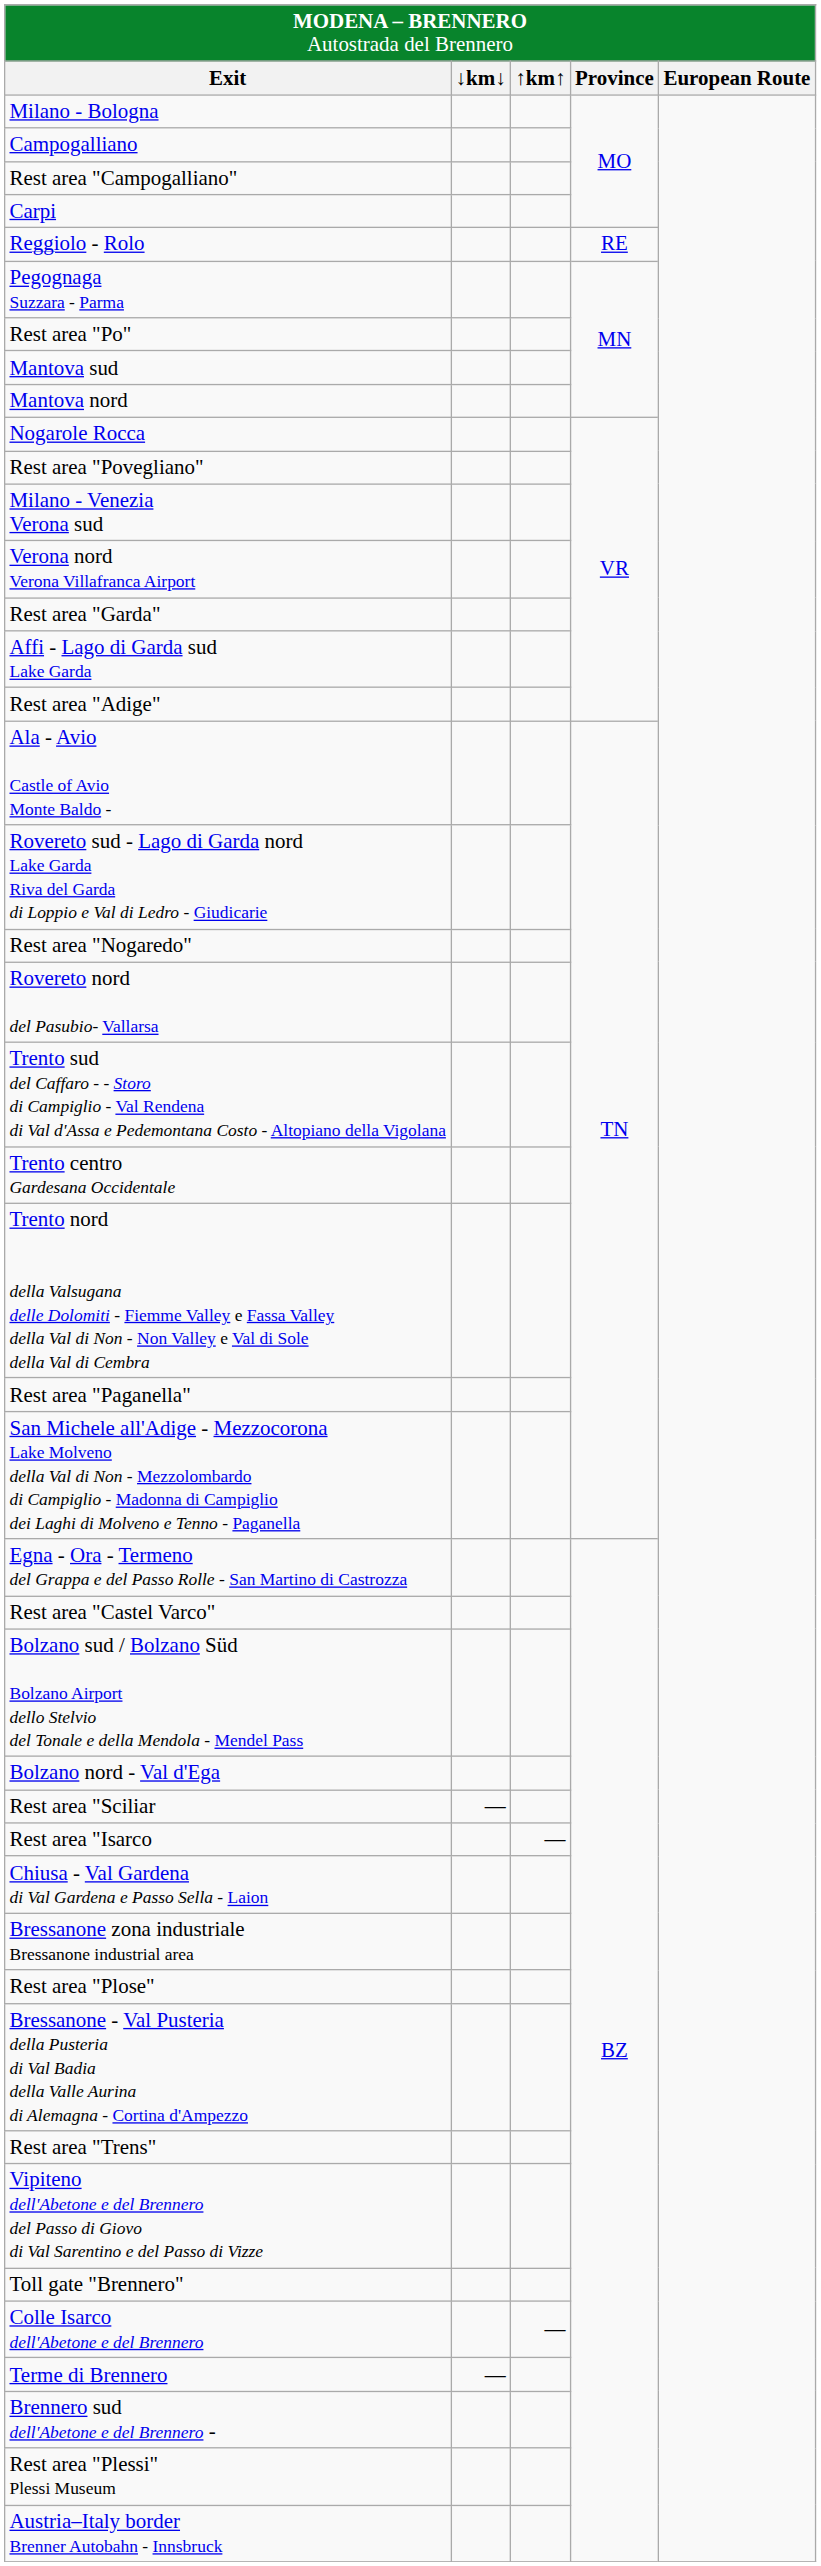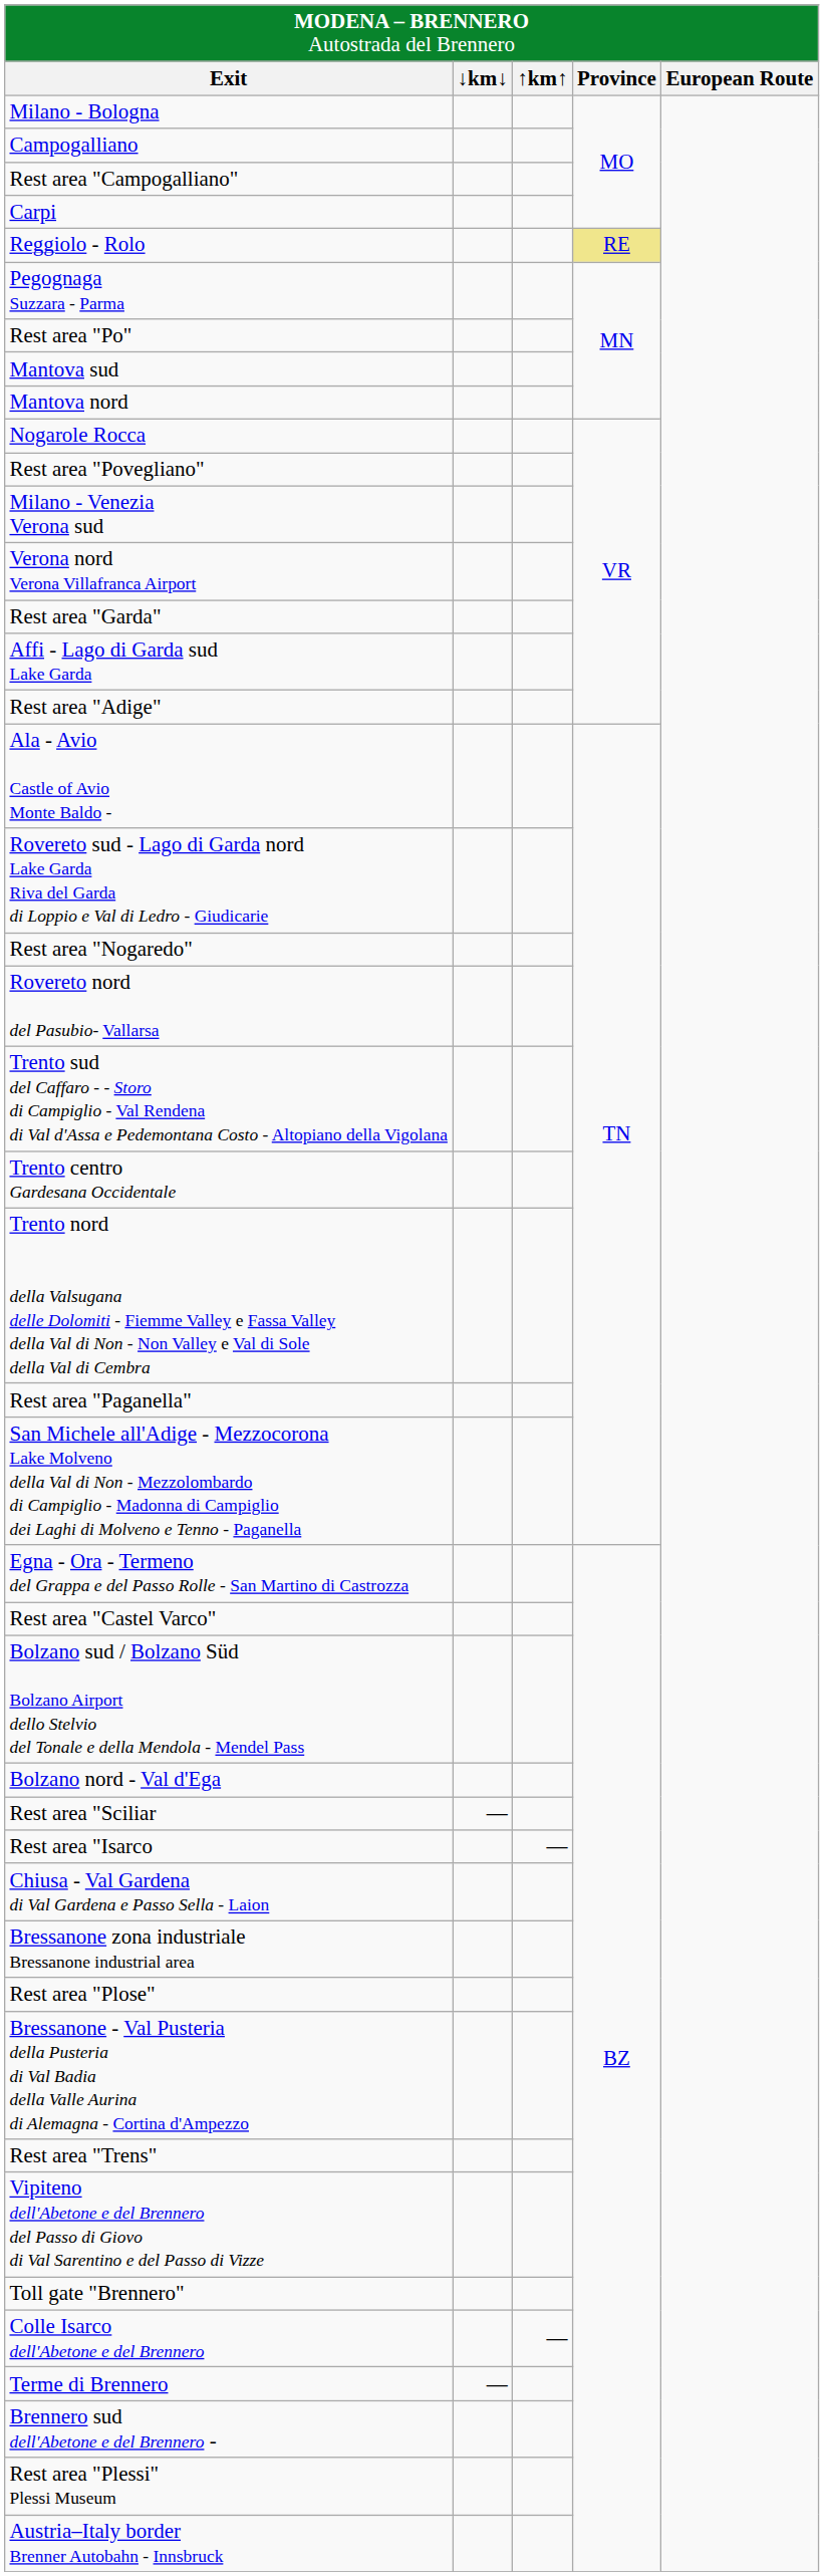 <table class="wikitable" border="1">
 <tr>
 </tr>
 <tr align="center" bgcolor="08842C" style="color: white;font-size:100%;">
 <td colspan="6"><strong> MODENA – BRENNERO</strong><br>Autostrada del Brennero</td>
 </tr>
 <tr>
 <th style="text-align:center;"><strong>Exit</strong></th>
 <th style="text-align:center;"><strong>↓km↓</strong></th>
 <th style="text-align:center;"><strong>↑km↑</strong></th>
 <th align="center"><strong>Province</strong></th>
 <th align="center"><strong>European Route</strong></th>
 </tr>
 <tr>
 <td>    <a href='#'>Milano - Bologna</a></td>
 <td align="right"></td>
 <td align="right"></td>
 <td rowspan=4 align="center"><a href='#'>MO</a></td>
 <td rowspan="45" align="center"></td>
 </tr>
 <tr>
 <td> <a href='#'>Campogalliano</a></td>
 <td align="right"></td>
 <td align="right"></td>
 </tr>
 <tr>
 <td> Rest area "Campogalliano"</td>
 <td align="right"></td>
 <td align="right"></td>
 </tr>
 <tr>
 <td> <a href='#'>Carpi</a></td>
 <td align="right"></td>
 <td align="right"></td>
 </tr>
 <tr>
 <td> <a href='#'>Reggiolo</a> - <a href='#'>Rolo</a></td>
 <td align="right"></td>
 <td align="right"></td>
-<td align="center"><a href='#'>RE</a></td>
+<td align="center" style="background: khaki;"><a href='#'>RE</a></td>
 </tr>
 <tr>
 <td> <a href='#'>Pegognaga</a><br><small>  <a href='#'>Suzzara</a> - <a href='#'>Parma</a></small></td>
 <td align="right"></td>
 <td align="right"></td>
 <td rowspan=4 align="center"><a href='#'>MN</a></td>
 </tr>
 <tr>
 <td> Rest area "Po"</td>
 <td align="right"></td>
 <td align="right"></td>
 </tr>
 <tr>
 <td> <a href='#'>Mantova</a> sud</td>
 <td align="right"></td>
 <td align="right"></td>
 </tr>
 <tr>
 <td> <a href='#'>Mantova</a> nord</td>
 <td align="right"></td>
 <td align="right"></td>
 </tr>
 <tr>
 <td> <a href='#'>Nogarole Rocca</a></td>
 <td align="right"></td>
 <td align="right"></td>
 <td rowspan=7 align="center"><a href='#'>VR</a></td>
 </tr>
 <tr>
 <td> Rest area "Povegliano"</td>
 <td align="right"></td>
 <td align="right"></td>
 </tr>
 <tr>
 <td>   <a href='#'>Milano - Venezia</a> <br>  <a href='#'>Verona</a> sud</td>
 <td align="right"></td>
 <td align="right"></td>
 </tr>
 <tr>
 <td> <a href='#'>Verona</a> nord<br><small>  <a href='#'>Verona Villafranca Airport</a></small></td>
 <td align="right"></td>
 <td align="right"></td>
 </tr>
 <tr>
 <td> Rest area "Garda"</td>
 <td align="right"></td>
 <td align="right"></td>
 </tr>
 <tr>
 <td> <a href='#'>Affi</a> - <a href='#'>Lago di Garda</a> sud<br><small>  <a href='#'>Lake Garda</a></small></td>
 <td align="right"></td>
 <td align="right"></td>
 </tr>
 <tr>
 <td> Rest area "Adige"</td>
 <td align="right"></td>
 <td align="right"></td>
 </tr>
 <tr>
 <td> <a href='#'>Ala</a> - <a href='#'>Avio</a><br><br><small>  <a href='#'>Castle of Avio</a></small><br><small>  <a href='#'>Monte Baldo</a> - </small></td>
 <td align="right"></td>
 <td align="right"></td>
 <td rowspan=9 align="center"><a href='#'>TN</a></td>
 </tr>
 <tr>
 <td> <a href='#'>Rovereto</a> sud - <a href='#'>Lago di Garda</a> nord<br><small>  <a href='#'>Lake Garda</a></small><br><small> <a href='#'>Riva del Garda</a></small><br><small>  <em>di Loppio e Val di Ledro</em> - <a href='#'>Giudicarie</a></small></td>
 <td align="right"></td>
 <td align="right"></td>
 </tr>
 <tr>
 <td> Rest area "Nogaredo"</td>
 <td align="right"></td>
 <td align="right"></td>
 </tr>
 <tr>
 <td> <a href='#'>Rovereto</a> nord<br><small> </small><br><small> <em>del Pasubio</em></small><small>- <a href='#'>Vallarsa</a></small></td>
 <td align="right"></td>
 <td align="right"></td>
 </tr>
 <tr>
 <td> <a href='#'>Trento</a> sud<br><small> <em>del Caffaro</em> -  - <em><a href='#'>Storo</a></em></small><br><small> <em>di Campiglio</em> - <a href='#'>Val Rendena</a></small><br><small>  <em>di Val d'Assa e Pedemontana Costo</em> - <a href='#'>Altopiano della Vigolana</a></small></td>
 <td align="right"></td>
 <td align="right"></td>
 </tr>
 <tr>
 <td> <a href='#'>Trento</a> centro<br><small> <em>Gardesana Occidentale</em></small></td>
 <td align="right"></td>
 <td align="right"></td>
 </tr>
 <tr>
 <td> <a href='#'>Trento</a> nord<br><small>  </small><br><br><small>  <em>della Valsugana</em></small><br><small>  <em><a href='#'>delle Dolomiti</a></em> - <a href='#'>Fiemme Valley</a> e <a href='#'>Fassa Valley</a></small><br><small>  <em>della Val di Non</em> - <a href='#'>Non Valley</a> e <a href='#'>Val di Sole</a></small><br><small> <em>della Val di Cembra</em></small></td>
 <td align="right"></td>
 <td align="right"></td>
 </tr>
 <tr>
 <td> Rest area "Paganella"</td>
 <td align="right"></td>
 <td align="right"></td>
 </tr>
 <tr>
 <td> <a href='#'>San Michele all'Adige</a> - <a href='#'>Mezzocorona</a><br><small>  <a href='#'>Lake Molveno</a></small><br><small>  <em>della Val di Non</em> - <a href='#'>Mezzolombardo</a></small><br><small>  <em>di Campiglio</em> - <a href='#'>Madonna di Campiglio</a></small><br><small> <em>dei Laghi di Molveno e Tenno</em> - <a href='#'>Paganella</a></small></td>
 <td align="right"></td>
 <td align="right"></td>
 </tr>
 <tr>
 <td> <a href='#'>Egna</a> - <a href='#'>Ora</a> - <a href='#'>Termeno</a><br><small> <em>del Grappa e del Passo Rolle</em> - <a href='#'>San Martino di Castrozza</a></small><br><small></small></td>
 <td align="right"></td>
 <td align="right"></td>
 <td rowspan="18" align="center"><a href='#'>BZ</a></td>
 </tr>
 <tr>
 <td> Rest area "Castel Varco"</td>
 <td align="right"></td>
 <td align="right"></td>
 </tr>
 <tr>
 <td> <a href='#'>Bolzano</a> sud / <a href='#'>Bolzano</a> Süd<br><small>  </small><br><small>  <a href='#'>Bolzano Airport</a></small><br><small>  <em>dello Stelvio</em></small><br><small> <em>del Tonale e della Mendola</em> - <a href='#'>Mendel Pass</a></small></td>
 <td align="right"></td>
 <td align="right"></td>
 </tr>
 <tr>
 <td> <a href='#'>Bolzano</a> nord - <a href='#'>Val d'Ega</a></td>
 <td align="right"></td>
 <td align="right"></td>
 </tr>
 <tr>
 <td> Rest area "Sciliar</td>
 <td align="right">—</td>
 <td align="right"></td>
 </tr>
 <tr>
 <td> Rest area "Isarco</td>
 <td align="right"></td>
 <td align="right">—</td>
 </tr>
 <tr>
 <td> <a href='#'>Chiusa</a> - <a href='#'>Val Gardena</a><br><small>  <em>di Val Gardena e Passo Sella</em> - <a href='#'>Laion</a></small></td>
 <td align="right"></td>
 <td align="right"></td>
 </tr>
 <tr>
 <td> <a href='#'>Bressanone</a> zona industriale<br><small>  Bressanone industrial area</small></td>
 <td align="right"></td>
 <td align="right"></td>
 </tr>
 <tr>
 <td> Rest area "Plose"</td>
 <td align="right"></td>
 <td align="right"></td>
 </tr>
 <tr>
 <td> <a href='#'>Bressanone</a> - <a href='#'>Val Pusteria</a><br><small>   <em>della Pusteria</em></small><br><small> <em>di Val Badia</em></small><br><small>  <em>della Valle Aurina</em></small><br><small>  <em>di Alemagna</em> - <a href='#'>Cortina d'Ampezzo</a></small></td>
 <td align="right"></td>
 <td align="right"></td>
 </tr>
 <tr>
 <td> Rest area "Trens"</td>
 <td align="right"></td>
 <td align="right"></td>
 </tr>
 <tr>
 <td> <a href='#'>Vipiteno</a><br><small>  <em><a href='#'>dell'Abetone e del Brennero</a></em></small><br><small> <em>del Passo di Giovo</em></small><br><small>  <em>di Val Sarentino e del Passo di Vizze</em></small></td>
 <td align="right"></td>
 <td align="right"></td>
 </tr>
 <tr>
 <td> Toll gate "Brennero"</td>
 <td align="right"></td>
 <td align="right"></td>
 </tr>
 <tr>
 <td> <a href='#'>Colle Isarco</a><br> <em><a href='#'><small>dell'Abetone e del Brennero</small></a></em></td>
 <td align="right"></td>
 <td align="right">—</td>
 </tr>
 <tr>
 <td>  <a href='#'>Terme di Brennero</a></td>
 <td align="right">—</td>
 <td align="right"></td>
 </tr>
 <tr>
 <td> <a href='#'>Brennero</a> sud<br> <em><a href='#'><small>dell'Abetone e del Brennero</small></a></em> - <small></small></td>
 <td align="right"></td>
 <td align="right"></td>
 </tr>
 <tr>
 <td><small></small> Rest area "Plessi"<br> <small>Plessi Museum</small></td>
 <td align="right"></td>
 <td align="right"></td>
 </tr>
 <tr>
 <td>  <a href='#'>Austria–Italy border</a><br><small> <a href='#'>Brenner Autobahn</a> - <a href='#'>Innsbruck</a></small></td>
 <td align="right"></td>
 <td align="right"></td>
 </tr>
 </table>
